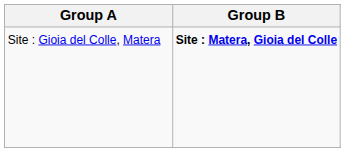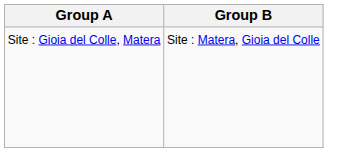 <table class="wikitable">
 <tr>
 <th width=50%>Group A</th>
 <th width=50%>Group B</th>
 </tr>
 <tr>
 <td><small>Site : <a href='#'>Gioia del Colle</a>, <a href='#'>Matera</a> </small><br> <br>  <br>  <br>  <br>  <br>  <br></td>
-<td><strong><small>Site : <a href='#'>Matera</a>, <a href='#'>Gioia del Colle</a> </small><br> <br>  <br>  <br>  <br>  <br>  <br></strong></td>
+<td><small>Site : <a href='#'>Matera</a>, <a href='#'>Gioia del Colle</a> </small><br> <br>  <br>  <br>  <br>  <br>  <br></td>
 </tr>
 </table>
